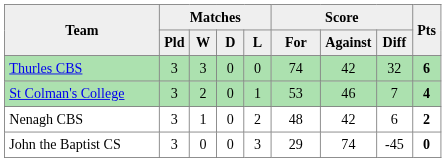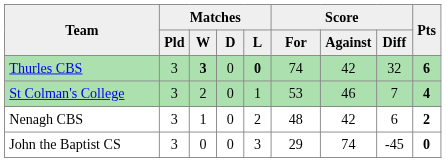 <table style=border-collapse:collapse border=1 cellspacing=0 cellpadding=5>
 <tr align=center bgcolor=#efefef>
 <th rowspan=2 width=165>Team</th>
 <th colspan=4>Matches</th>
 <th colspan=3>Score</th>
 <th rowspan=2width=20>Pts</th>
 </tr>
 <tr align=center bgcolor=#efefef>
 <th width=20>Pld</th>
 <th width=20>W</th>
 <th width=20>D</th>
 <th width=20>L</th>
 <th width=45>For</th>
 <th width=45>Against</th>
 <th width=30>Diff</th>
 </tr>
 <tr align=center style="background:#ACE1AF;">
 <td style="text-align:left;"><a href='#'>Thurles CBS</a></td>
 <td>3</td>
-<td>3</td>
+<td><strong>3</strong></td>
 <td>0</td>
-<td>0</td>
+<td><strong>0</strong></td>
 <td>74</td>
 <td>42</td>
 <td>32</td>
 <td><strong>6</strong></td>
 </tr>
 <tr align=center style="background:#ACE1AF;">
 <td style="text-align:left;"><a href='#'>St Colman's College</a></td>
 <td>3</td>
 <td>2</td>
 <td>0</td>
 <td>1</td>
 <td>53</td>
 <td>46</td>
 <td>7</td>
 <td><strong>4</strong></td>
 </tr>
 <tr align=center>
 <td style="text-align:left;">Nenagh CBS</td>
 <td>3</td>
 <td>1</td>
 <td>0</td>
 <td>2</td>
 <td>48</td>
 <td>42</td>
 <td>6</td>
 <td><strong>2</strong></td>
 </tr>
 <tr align=center>
 <td style="text-align:left;">John the Baptist CS</td>
 <td>3</td>
 <td>0</td>
 <td>0</td>
 <td>3</td>
 <td>29</td>
 <td>74</td>
 <td>-45</td>
 <td><strong>0</strong></td>
 </tr>
 </table>
